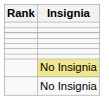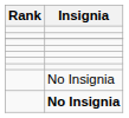 <table class="wikitable">
 <tr>
 <th>Rank</th>
 <th>Insignia</th>
 </tr>
 <tr>
 <td></td>
 <td style="text-align:center;"></td>
 </tr>
 <tr>
 <td></td>
 <td style="text-align:center;"></td>
 </tr>
 <tr>
 </tr>
 <tr>
 </tr>
 <tr>
 <td></td>
 <td style="text-align:center;"></td>
 </tr>
 <tr>
 <td></td>
 <td style="text-align:center;"></td>
 </tr>
 <tr>
 <td></td>
 <td style="text-align:center;"></td>
 </tr>
 <tr>
 <td></td>
 <td style="text-align:center;"></td>
 </tr>
 <tr>
 <td></td>
 <td style="text-align:center;"></td>
 </tr>
 <tr>
 <td></td>
-<td style="background: khaki;">No Insignia</td>
+<td>No Insignia</td>
 </tr>
 <tr>
 <td></td>
-<td>No Insignia</td>
+<td><strong>No Insignia</strong></td>
 </tr>
 </table>
